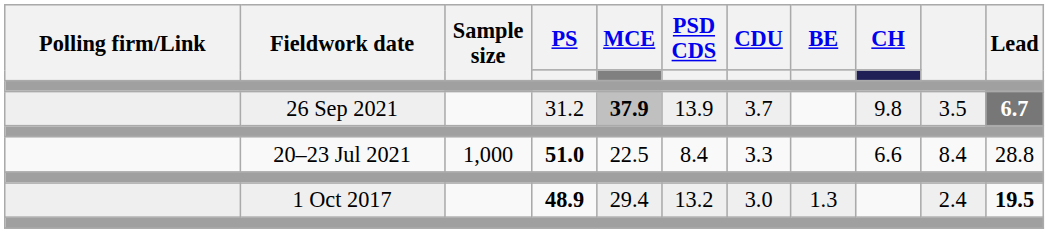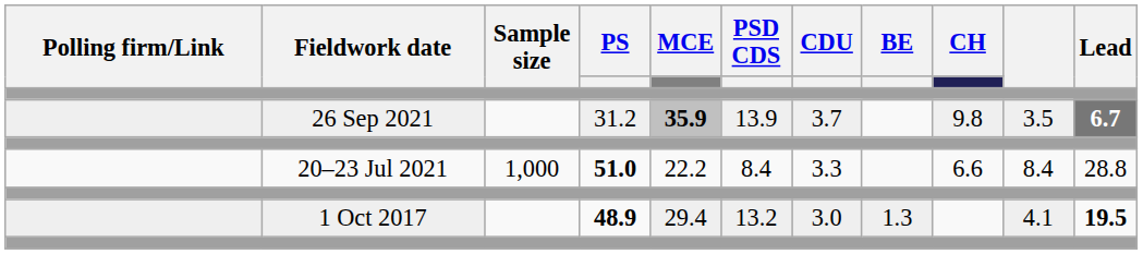 <table class="wikitable sortable mw-datatable" style="text-align:center;font-size:90%;line-height:16px;">
 <tr style="height:42px;">
 <th style="width:145px;" rowspan="2">Polling firm/Link</th>
 <th style="width:125px;" rowspan="2">Fieldwork date</th>
 <th class="unsortable" style="width:50px;" rowspan="2">Sample size</th>
 <th class="unsortable" style="width:35px;"><a href='#'>PS</a></th>
 <th class="unsortable" style="width:35px;"><a href='#'>MCE</a></th>
 <th class="unsortable" style="width:35px;"><a href='#'>PSD</a><br><a href='#'>CDS</a></th>
 <th class="unsortable" style="width:35px;"><a href='#'>CDU</a></th>
 <th class="unsortable" style="width:35px;"><a href='#'>BE</a></th>
 <th class="unsortable" style="width:35px;"><a href='#'>CH</a></th>
 <th class="unsortable" style="width:35px;" rowspan="2"></th>
 <th class="unsortable" style="width:30px;" rowspan="2">Lead</th>
 </tr>
 <tr>
 <th class="unsortable" style="color:inherit;background:"></th>
 <th class="unsortable" style="color:inherit;background:gray;"></th>
 <th class="unsortable" style="color:inherit;background:"></th>
 <th class="unsortable" style="color:inherit;background:"></th>
 <th class="unsortable" style="color:inherit;background:"></th>
 <th class="sortable" style="background:#202056;"></th>
 </tr>
 <tr>
 <td colspan="13" style="background:#A0A0A0"></td>
 </tr>
 <tr>
 <td style="background:#EFEFEF;"><strong></strong></td>
 <td style="background:#EFEFEF;" data-sort-value="2019-10-06">26 Sep 2021</td>
 <td></td>
 <td style="background:#EFEFEF;">31.2<br></td>
-<td style="background:#C0C0C0"><strong>37.9</strong><br></td>
+<td style="background:#C0C0C0"><strong>35.9</strong><br></td>
 <td style="background:#EFEFEF;">13.9<br></td>
 <td style="background:#EFEFEF;">3.7<br></td>
 <td></td>
 <td style="background:#EFEFEF;">9.8<br></td>
 <td style="background:#EFEFEF;">3.5</td>
 <td style="background:#777777; color:white;"><strong>6.7</strong></td>
 </tr>
 <tr>
 <td colspan="13" style="background:#A0A0A0"></td>
 </tr>
 <tr>
 <td align="center"><br></td>
 <td align="center">20–23 Jul 2021</td>
 <td>1,000</td>
 <td align="center" ><strong>51.0</strong><br></td>
-<td align="center">22.5<br></td>
+<td align="center">22.2<br></td>
 <td align="center">8.4<br></td>
 <td align="center">3.3<br></td>
 <td></td>
 <td align="center">6.6<br></td>
 <td align="center">8.4<br></td>
 <td style="background:">28.8</td>
 </tr>
 <tr>
 <td colspan="14" style="background:#A0A0A0"></td>
 </tr>
 <tr>
 <td style="background:#EFEFEF;"><strong></strong></td>
 <td style="background:#EFEFEF;" data-sort-value="2019-10-06">1 Oct 2017</td>
 <td></td>
 <td><strong>48.9</strong><br></td>
 <td style="background:#EFEFEF;">29.4<br></td>
 <td style="background:#EFEFEF;">13.2<br></td>
 <td style="background:#EFEFEF;">3.0<br></td>
 <td style="background:#EFEFEF;">1.3<br></td>
 <td></td>
-<td style="background:#EFEFEF;">2.4</td>
+<td style="background:#EFEFEF;">4.1</td>
 <td style="background:"><strong>19.5</strong></td>
 </tr>
 <tr>
 <td colspan="14" style="background:#A0A0A0"></td>
 </tr>
 </table>
